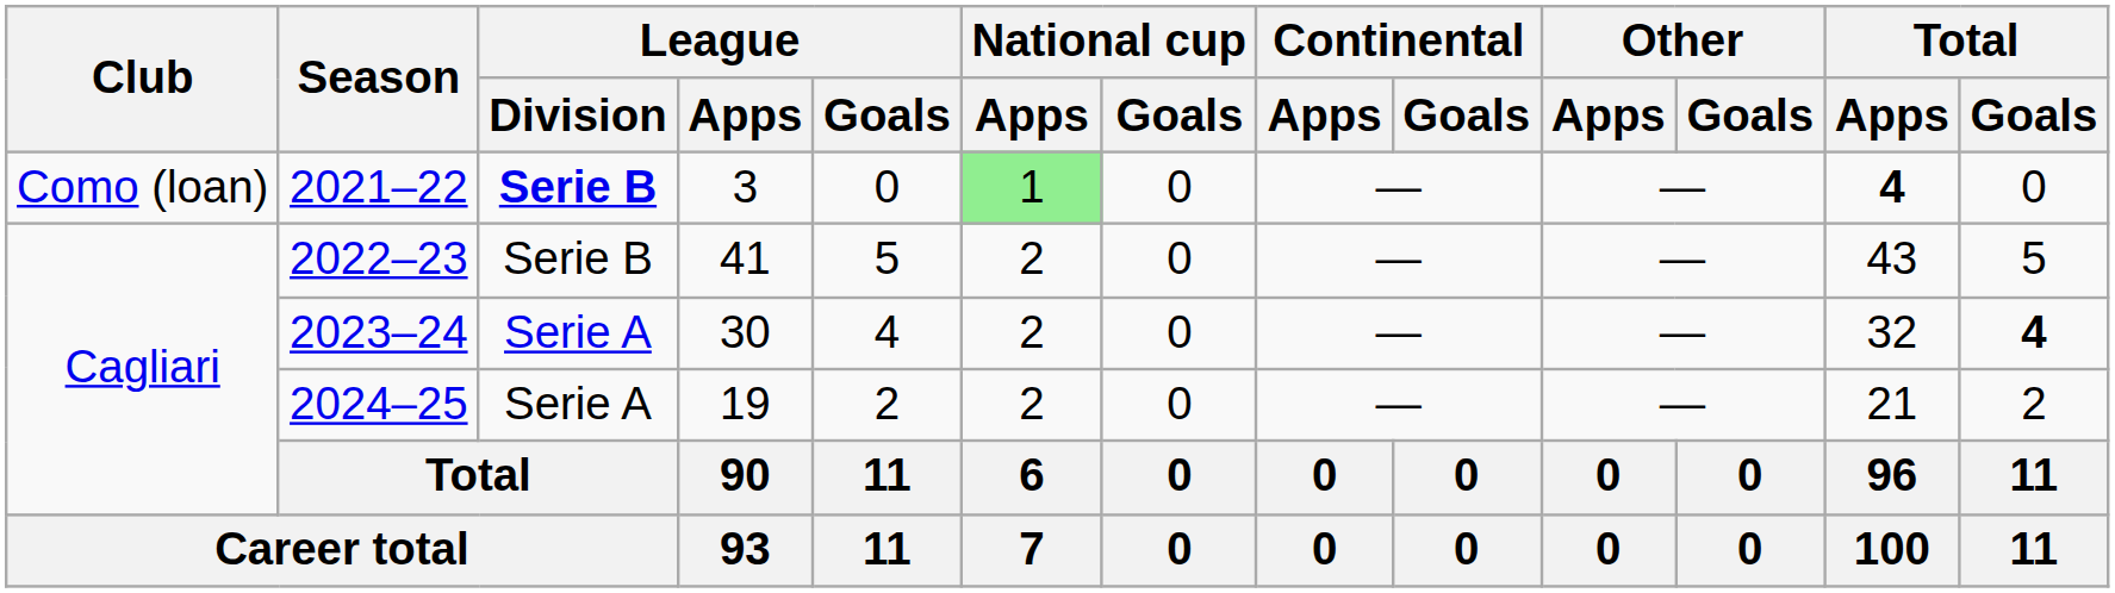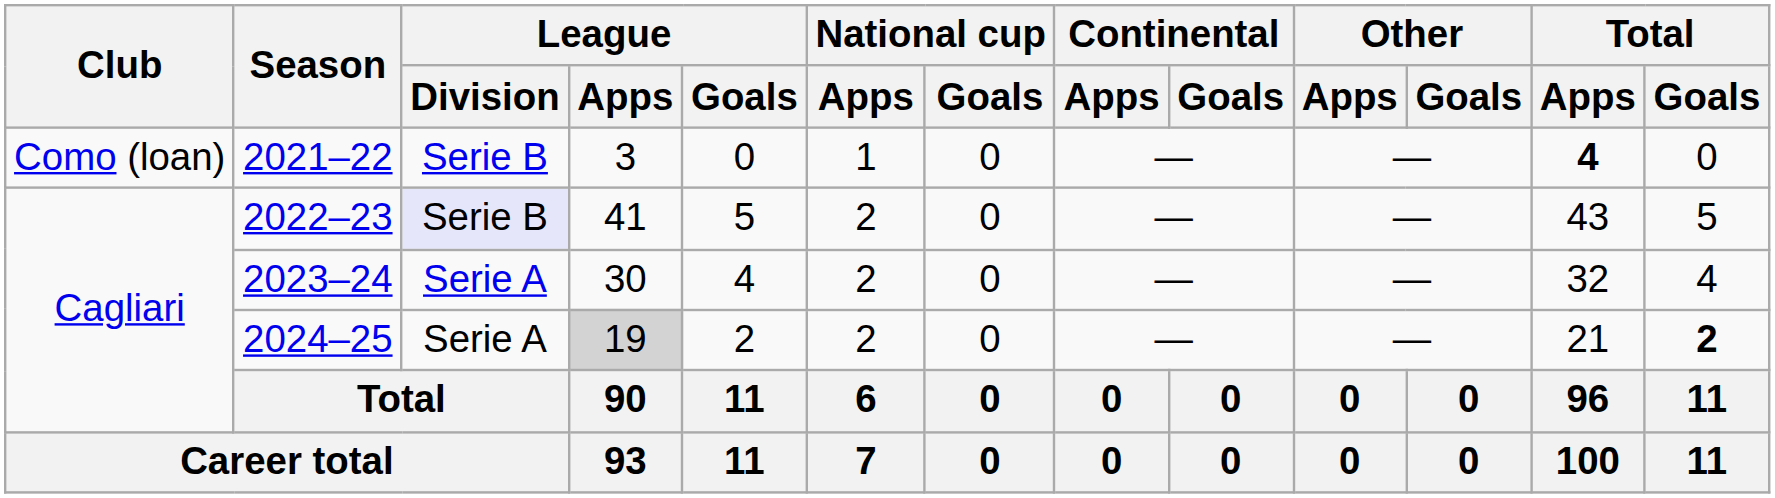 <table class="wikitable" style="text-align:center">
 <tr>
 <th rowspan="2">Club</th>
 <th rowspan="2">Season</th>
 <th colspan="3">League</th>
 <th colspan="2">National cup</th>
 <th colspan="2">Continental</th>
 <th colspan="2">Other</th>
 <th colspan="2">Total</th>
 </tr>
 <tr>
 <th>Division</th>
 <th>Apps</th>
 <th>Goals</th>
 <th>Apps</th>
 <th>Goals</th>
 <th>Apps</th>
 <th>Goals</th>
 <th>Apps</th>
 <th>Goals</th>
 <th>Apps</th>
 <th>Goals</th>
 </tr>
 <tr>
 <td><a href='#'>Como</a> (loan)</td>
 <td><a href='#'>2021–22</a></td>
-<td><strong><a href='#'>Serie B</a></strong></td>
+<td><a href='#'>Serie B</a></td>
 <td>3</td>
 <td>0</td>
-<td style="background: lightgreen;">1</td>
+<td>1</td>
 <td>0</td>
 <td colspan="2">—</td>
 <td colspan="2">—</td>
 <td><strong>4</strong></td>
 <td>0</td>
 </tr>
 <tr>
 <td rowspan="4"><a href='#'>Cagliari</a></td>
 <td><a href='#'>2022–23</a></td>
-<td>Serie B</td>
+<td style="background: lavender;">Serie B</td>
 <td>41</td>
 <td>5</td>
 <td>2</td>
 <td>0</td>
 <td colspan="2">—</td>
 <td colspan="2">—</td>
 <td>43</td>
 <td>5</td>
 </tr>
 <tr>
 <td><a href='#'>2023–24</a></td>
 <td><a href='#'>Serie A</a></td>
 <td>30</td>
 <td>4</td>
 <td>2</td>
 <td>0</td>
 <td colspan="2">—</td>
 <td colspan="2">—</td>
 <td>32</td>
-<td><strong>4</strong></td>
+<td>4</td>
 </tr>
 <tr>
 <td><a href='#'>2024–25</a></td>
 <td>Serie A</td>
-<td>19</td>
+<td style="background: lightgrey;">19</td>
 <td>2</td>
 <td>2</td>
 <td>0</td>
 <td colspan="2">—</td>
 <td colspan="2">—</td>
 <td>21</td>
-<td>2</td>
+<td><strong>2</strong></td>
 </tr>
 <tr>
 <th colspan="2">Total</th>
 <th>90</th>
 <th>11</th>
 <th>6</th>
 <th>0</th>
 <th>0</th>
 <th>0</th>
 <th>0</th>
 <th>0</th>
 <th>96</th>
 <th>11</th>
 </tr>
 <tr>
 <th colspan="3">Career total</th>
 <th>93</th>
 <th>11</th>
 <th>7</th>
 <th>0</th>
 <th>0</th>
 <th>0</th>
 <th>0</th>
 <th>0</th>
 <th>100</th>
 <th>11</th>
 </tr>
 </table>
